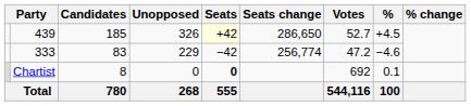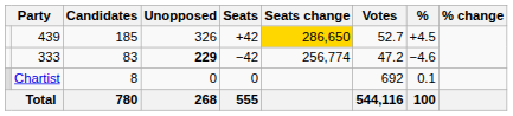 <table class="wikitable sortable">
 <tr>
 <th colspan=2>Party</th>
 <th>Candidates</th>
 <th>Unopposed</th>
 <th>Seats</th>
 <th>Seats change</th>
 <th>Votes</th>
 <th>%</th>
 <th>% change</th>
 </tr>
 <tr>
 <td></td>
 <td align=right>439</td>
 <td align=right>185</td>
 <td align=right>326</td>
-<td align=right style="background: lightyellow;">+42</td>
-<td align=right>286,650</td>
+<td align=right>+42</td>
+<td align=right style="background: gold;">286,650</td>
 <td align=right>52.7</td>
 <td align=right>+4.5</td>
 </tr>
 <tr>
 <td></td>
 <td align=right>333</td>
 <td align=right>83</td>
-<td align=right>229</td>
+<td align=right><strong>229</strong></td>
 <td align=right>−42</td>
 <td align=right>256,774</td>
 <td align=right>47.2</td>
 <td align=right>−4.6</td>
 </tr>
 <tr>
 <td bgcolor="#DDDDDD"></td>
 <td><a href='#'>Chartist</a></td>
 <td align=right>8</td>
 <td align=right>0</td>
-<td align=right><strong>0</strong></td>
+<td align=right>0</td>
 <td align=right></td>
 <td align=right>692</td>
 <td align=right>0.1</td>
 <td align=right></td>
 </tr>
 <tr class="sortbottom" style="font-weight: bold; text-align: right; background: #f2f2f2;">
 <th colspan="2" style="padding-left: 1.5em; text-align: left;">Total</th>
 <td align=right>780</td>
 <td align=right>268</td>
 <td align=right>555</td>
 <td align=right></td>
 <td align=right>544,116</td>
 <td align=right>100</td>
 <td align=right></td>
 </tr>
 </table>
